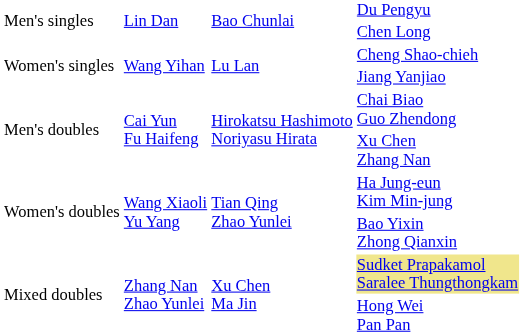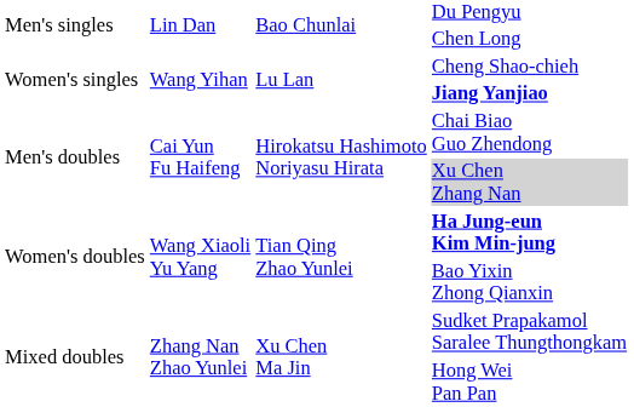 <table>
 <tr>
 <td rowspan=2>Men's singles</td>
 <td rowspan=2> <a href='#'>Lin Dan</a></td>
 <td rowspan=2> <a href='#'>Bao Chunlai</a></td>
 <td> <a href='#'>Du Pengyu</a></td>
 </tr>
 <tr>
 <td> <a href='#'>Chen Long</a></td>
 </tr>
 <tr>
 <td rowspan=2>Women's singles</td>
 <td rowspan=2> <a href='#'>Wang Yihan</a></td>
 <td rowspan=2> <a href='#'>Lu Lan</a></td>
 <td> <a href='#'>Cheng Shao-chieh</a></td>
 </tr>
 <tr>
-<td> <a href='#'>Jiang Yanjiao</a></td>
+<td><strong> <a href='#'>Jiang Yanjiao</a></strong></td>
 </tr>
 <tr>
 <td rowspan=2>Men's doubles</td>
 <td rowspan=2> <a href='#'>Cai Yun</a> <br> <a href='#'>Fu Haifeng</a></td>
 <td rowspan=2> <a href='#'>Hirokatsu Hashimoto</a> <br> <a href='#'>Noriyasu Hirata</a></td>
 <td> <a href='#'>Chai Biao</a> <br> <a href='#'>Guo Zhendong</a></td>
 </tr>
 <tr>
-<td> <a href='#'>Xu Chen</a> <br> <a href='#'>Zhang Nan</a></td>
+<td style="background: lightgrey;"> <a href='#'>Xu Chen</a> <br> <a href='#'>Zhang Nan</a></td>
 </tr>
 <tr>
 <td rowspan=2>Women's doubles</td>
 <td rowspan=2> <a href='#'>Wang Xiaoli</a> <br> <a href='#'>Yu Yang</a></td>
 <td rowspan=2> <a href='#'>Tian Qing</a> <br> <a href='#'>Zhao Yunlei</a></td>
-<td> <a href='#'>Ha Jung-eun</a> <br> <a href='#'>Kim Min-jung</a></td>
+<td><strong> <a href='#'>Ha Jung-eun</a> <br> <a href='#'>Kim Min-jung</a></strong></td>
 </tr>
 <tr>
 <td> <a href='#'>Bao Yixin</a> <br> <a href='#'>Zhong Qianxin</a></td>
 </tr>
 <tr>
 <td rowspan=2>Mixed doubles</td>
 <td rowspan=2> <a href='#'>Zhang Nan</a> <br> <a href='#'>Zhao Yunlei</a></td>
 <td rowspan=2> <a href='#'>Xu Chen</a> <br> <a href='#'>Ma Jin</a></td>
-<td style="background: khaki;"> <a href='#'>Sudket Prapakamol</a> <br> <a href='#'>Saralee Thungthongkam</a></td>
+<td> <a href='#'>Sudket Prapakamol</a> <br> <a href='#'>Saralee Thungthongkam</a></td>
 </tr>
 <tr>
 <td> <a href='#'>Hong Wei</a> <br> <a href='#'>Pan Pan</a></td>
 </tr>
 </table>
